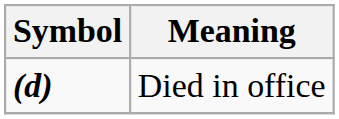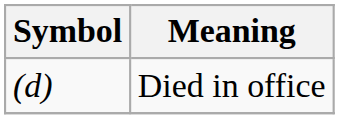 <table class="wikitable" border="1">
 <tr>
 <th>Symbol</th>
 <th>Meaning</th>
 </tr>
 <tr>
-<td><strong><em>(d)</em></strong></td>
+<td><em>(d)</em></td>
 <td>Died in office</td>
 </tr>
 <tr>
 </tr>
 </table>
